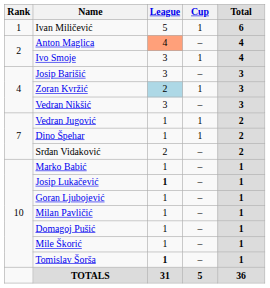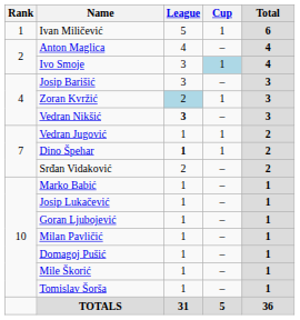 <table class="wikitable" style="text-align: center;">
 <tr>
 <th width=40>Rank</th>
 <th width=180>Name</th>
 <th width=50><a href='#'>League</a></th>
 <th width=50><a href='#'>Cup</a></th>
 <th width=70 style="background: #DCDCDC">Total</th>
 </tr>
 <tr>
 <td rowspan=1>1</td>
 <td style="text-align:left;"> Ivan Miličević</td>
 <td>5</td>
 <td>1</td>
 <th style="background: #DCDCDC">6</th>
 </tr>
 <tr>
 <td rowspan=2>2</td>
 <td style="text-align:left;"> <a href='#'>Anton Maglica</a></td>
-<td style="background: lightsalmon;">4</td>
+<td>4</td>
 <td>–</td>
 <th style="background: #DCDCDC">4</th>
 </tr>
 <tr>
 <td style="text-align:left;"> <a href='#'>Ivo Smoje</a></td>
 <td>3</td>
-<td>1</td>
+<td style="background: lightblue;">1</td>
 <th style="background: #DCDCDC">4</th>
 </tr>
 <tr>
 <td rowspan=3>4</td>
 <td style="text-align:left;"> <a href='#'>Josip Barišić</a></td>
 <td>3</td>
 <td>–</td>
 <th style="background: #DCDCDC">3</th>
 </tr>
 <tr>
 <td style="text-align:left;"> <a href='#'>Zoran Kvržić</a></td>
 <td style="background: lightblue;">2</td>
 <td>1</td>
 <th style="background: #DCDCDC">3</th>
 </tr>
 <tr>
 <td style="text-align:left;"> <a href='#'>Vedran Nikšić</a></td>
-<td>3</td>
+<td><strong>3</strong></td>
 <td>–</td>
 <th style="background: #DCDCDC">3</th>
 </tr>
 <tr>
 <td rowspan=3>7</td>
 <td style="text-align:left;"> <a href='#'>Vedran Jugović</a></td>
 <td>1</td>
 <td>1</td>
 <th style="background: #DCDCDC">2</th>
 </tr>
 <tr>
 <td style="text-align:left;"> <a href='#'>Dino Špehar</a></td>
-<td>1</td>
+<td><strong>1</strong></td>
 <td>1</td>
 <th style="background: #DCDCDC">2</th>
 </tr>
 <tr>
 <td style="text-align:left;"> Srđan Vidaković</td>
 <td>2</td>
 <td>–</td>
 <th style="background: #DCDCDC">2</th>
 </tr>
 <tr>
 <td rowspan=7>10</td>
 <td style="text-align:left;"> <a href='#'>Marko Babić</a></td>
 <td>1</td>
 <td>–</td>
 <th style="background: #DCDCDC">1</th>
 </tr>
 <tr>
 <td style="text-align:left;"> <a href='#'>Josip Lukačević</a></td>
-<td><strong>1</strong></td>
+<td>1</td>
 <td>–</td>
 <th style="background: #DCDCDC">1</th>
 </tr>
 <tr>
 <td style="text-align:left;"> <a href='#'>Goran Ljubojević</a></td>
 <td>1</td>
 <td>–</td>
 <th style="background: #DCDCDC">1</th>
 </tr>
 <tr>
 <td style="text-align:left;"> <a href='#'>Milan Pavličić</a></td>
 <td>1</td>
 <td>–</td>
 <th style="background: #DCDCDC">1</th>
 </tr>
 <tr>
 <td style="text-align:left;"> <a href='#'>Domagoj Pušić</a></td>
 <td>1</td>
 <td>–</td>
 <th style="background: #DCDCDC">1</th>
 </tr>
 <tr>
 <td style="text-align:left;"> <a href='#'>Mile Škorić</a></td>
 <td>1</td>
 <td>–</td>
 <th style="background: #DCDCDC">1</th>
 </tr>
 <tr>
 <td style="text-align:left;"> <a href='#'>Tomislav Šorša</a></td>
-<td><strong>1</strong></td>
+<td>1</td>
 <td>–</td>
 <th style="background: #DCDCDC">1</th>
 </tr>
 <tr>
 <td></td>
 <th style="background: #DCDCDC">TOTALS</th>
 <th style="background: #DCDCDC">31</th>
 <th style="background: #DCDCDC">5</th>
 <th style="background: #DCDCDC">36</th>
 </tr>
 </table>
